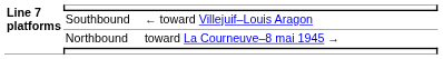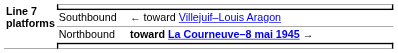 <table border=0 cellspacing=0 cellpadding=3>
 <tr>
 <td style="border-bottom:solid 1px gray;" width=50 rowspan=10 valign=top><strong>Line 7 platforms</strong></td>
 <td style="border-top:solid 1px gray;border-right:solid 2px black;border-left:solid 2px black;border-bottom:solid 2px black;text-align:center;" colspan=2></td>
 </tr>
 <tr>
 <td style="border-bottom:solid 1px gray;" width=100>Southbound</td>
 <td style="border-bottom:solid 1px gray;" width=390>←   toward <a href='#'>Villejuif–Louis Aragon</a> </td>
 </tr>
 <tr>
 <td>Northbound</td>
-<td>   toward <a href='#'>La Courneuve–8 mai 1945</a>  →</td>
+<td><strong>   toward <a href='#'>La Courneuve–8 mai 1945</a>  →</strong></td>
 </tr>
 <tr>
 <td style="border-top:solid 2px black;border-right:solid 2px black;border-left:solid 2px black;border-bottom:solid 1px gray;text-align:center;" colspan=2></td>
 </tr>
 </table>
